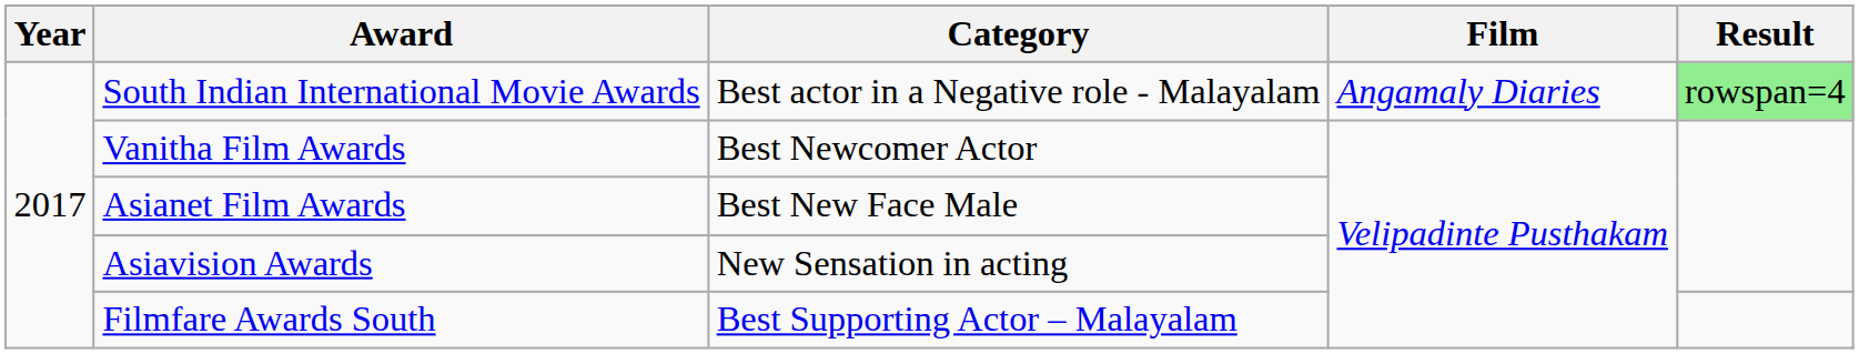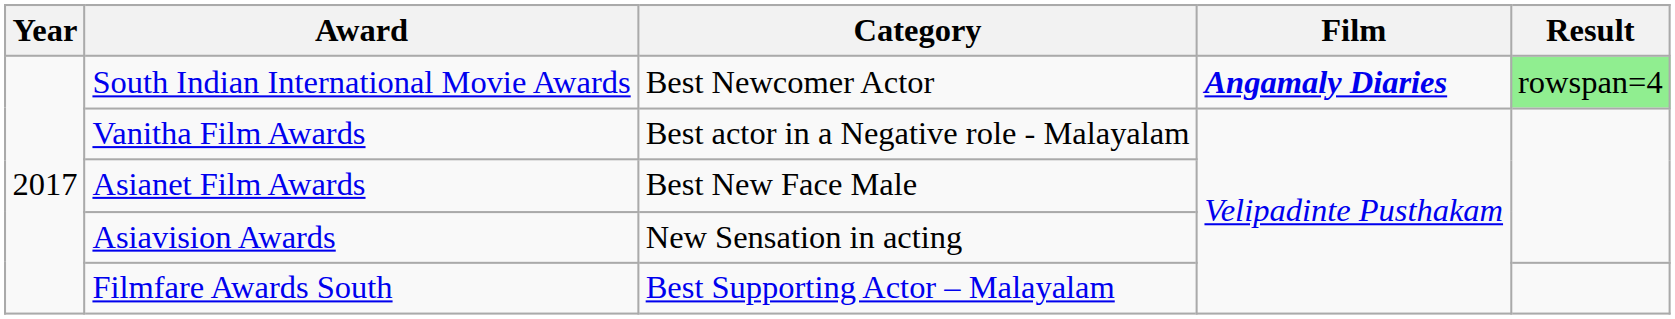 <table class="wikitable">
 <tr>
 <th>Year</th>
 <th>Award</th>
 <th>Category</th>
 <th>Film</th>
 <th>Result</th>
 </tr>
 <tr>
 <td rowspan=5>2017</td>
 <td><a href='#'>South Indian International Movie Awards</a></td>
-<td>Best actor in a Negative role - Malayalam</td>
-<td><em><a href='#'>Angamaly Diaries</a></em></td>
+<td>Best Newcomer Actor</td>
+<td><strong><em><a href='#'>Angamaly Diaries</a></em></strong></td>
 <td style="background: lightgreen;">rowspan=4 </td>
 </tr>
 <tr>
 <td><a href='#'>Vanitha Film Awards</a></td>
-<td>Best Newcomer Actor</td>
+<td>Best actor in a Negative role - Malayalam</td>
 <td rowspan=4><em><a href='#'>Velipadinte Pusthakam</a></em></td>
 </tr>
 <tr>
 <td><a href='#'>Asianet Film Awards</a></td>
 <td>Best New Face Male</td>
 </tr>
 <tr>
 <td><a href='#'>Asiavision Awards</a></td>
 <td>New Sensation in acting</td>
 </tr>
 <tr>
 <td><a href='#'>Filmfare Awards South</a></td>
 <td><a href='#'>Best Supporting Actor – Malayalam</a></td>
 <td></td>
 </tr>
 </table>
